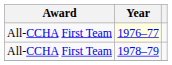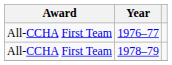 <table class="wikitable">
 <tr>
 <th>Award</th>
 <th>Year</th>
 <th></th>
 </tr>
 <tr>
 <td>All-<a href='#'>CCHA</a> <a href='#'>First Team</a></td>
-<td style="background: lightyellow;"><a href='#'>1976–77</a></td>
+<td><a href='#'>1976–77</a></td>
 <td></td>
 </tr>
 <tr>
 <td>All-<a href='#'>CCHA</a> <a href='#'>First Team</a></td>
 <td><a href='#'>1978–79</a></td>
 <td></td>
 </tr>
 <tr>
 </tr>
 </table>
